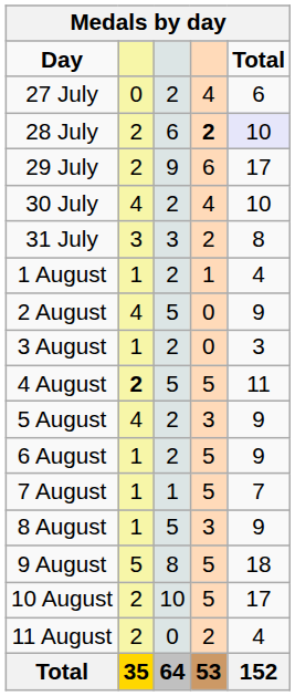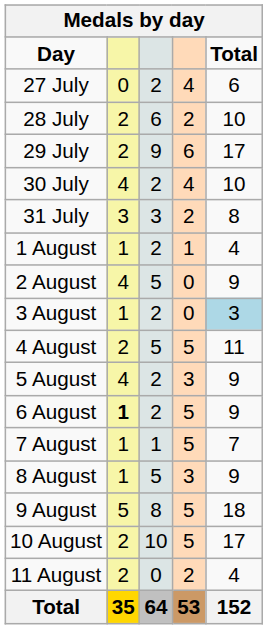 <table class="wikitable" style="font-size:85%; float:right">
 <tr align=center>
 <th colspan=5>Medals by day</th>
 </tr>
 <tr align=center>
 <td><strong>Day</strong></td>
 <td bgcolor=#f7f6a8></td>
 <td bgcolor=#dce5e5></td>
 <td bgcolor=#ffdab9></td>
 <td><strong>Total</strong></td>
 </tr>
 <tr align=center>
 <td>27 July</td>
 <td bgcolor=#f7f6a8>0</td>
 <td bgcolor=#dce5e5>2</td>
 <td bgcolor=#ffdab9>4</td>
 <td>6</td>
 </tr>
 <tr align=center>
 <td>28 July</td>
 <td bgcolor=#f7f6a8>2</td>
 <td bgcolor=#dce5e5>6</td>
-<td bgcolor=#ffdab9><strong>2</strong></td>
-<td style="background: lavender;">10</td>
+<td bgcolor=#ffdab9>2</td>
+<td>10</td>
 </tr>
 <tr align=center>
 <td>29 July</td>
 <td bgcolor=#f7f6a8>2</td>
 <td bgcolor=#dce5e5>9</td>
 <td bgcolor=#ffdab9>6</td>
 <td>17</td>
 </tr>
 <tr align=center>
 <td>30 July</td>
 <td bgcolor=#f7f6a8>4</td>
 <td bgcolor=#dce5e5>2</td>
 <td bgcolor=#ffdab9>4</td>
 <td>10</td>
 </tr>
 <tr align=center>
 <td>31 July</td>
 <td bgcolor=#f7f6a8>3</td>
 <td bgcolor=#dce5e5>3</td>
 <td bgcolor=#ffdab9>2</td>
 <td>8</td>
 </tr>
 <tr align=center>
 <td>1 August</td>
 <td bgcolor=#f7f6a8>1</td>
 <td bgcolor=#dce5e5>2</td>
 <td bgcolor=#ffdab9>1</td>
 <td>4</td>
 </tr>
 <tr align=center>
 <td>2 August</td>
 <td bgcolor=#f7f6a8>4</td>
 <td bgcolor=#dce5e5>5</td>
 <td bgcolor=#ffdab9>0</td>
 <td>9</td>
 </tr>
 <tr align=center>
 <td>3 August</td>
 <td bgcolor=#f7f6a8>1</td>
 <td bgcolor=#dce5e5>2</td>
 <td bgcolor=#ffdab9>0</td>
-<td>3</td>
+<td style="background: lightblue;">3</td>
 </tr>
 <tr align=center>
 <td>4 August</td>
-<td bgcolor=#f7f6a8><strong>2</strong></td>
+<td bgcolor=#f7f6a8>2</td>
 <td bgcolor=#dce5e5>5</td>
 <td bgcolor=#ffdab9>5</td>
 <td>11</td>
 </tr>
 <tr align=center>
 <td>5 August</td>
 <td bgcolor=#f7f6a8>4</td>
 <td bgcolor=#dce5e5>2</td>
 <td bgcolor=#ffdab9>3</td>
 <td>9</td>
 </tr>
 <tr align=center>
 <td>6 August</td>
-<td bgcolor=#f7f6a8>1</td>
+<td bgcolor=#f7f6a8><strong>1</strong></td>
 <td bgcolor=#dce5e5>2</td>
 <td bgcolor=#ffdab9>5</td>
 <td>9</td>
 </tr>
 <tr align=center>
 <td>7 August</td>
 <td bgcolor=#f7f6a8>1</td>
 <td bgcolor=#dce5e5>1</td>
 <td bgcolor=#ffdab9>5</td>
 <td>7</td>
 </tr>
 <tr align=center>
 <td>8 August</td>
 <td bgcolor=#f7f6a8>1</td>
 <td bgcolor=#dce5e5>5</td>
 <td bgcolor=#ffdab9>3</td>
 <td>9</td>
 </tr>
 <tr align=center>
 <td>9 August</td>
 <td bgcolor=#f7f6a8>5</td>
 <td bgcolor=#dce5e5>8</td>
 <td bgcolor=#ffdab9>5</td>
 <td>18</td>
 </tr>
 <tr align=center>
 <td>10 August</td>
 <td bgcolor=#f7f6a8>2</td>
 <td bgcolor=#dce5e5>10</td>
 <td bgcolor=#ffdab9>5</td>
 <td>17</td>
 </tr>
 <tr align=center>
 <td>11 August</td>
 <td bgcolor=#f7f6a8>2</td>
 <td bgcolor=#dce5e5>0</td>
 <td bgcolor=#ffdab9>2</td>
 <td>4</td>
 </tr>
 <tr align=center>
 <th bgcolor=#efefef>Total</th>
 <th style="background:gold;">35</th>
 <th style="background:silver;">64</th>
 <th style="background:#c96;">53</th>
 <th>152</th>
 </tr>
 </table>
